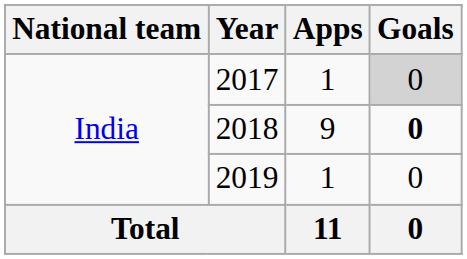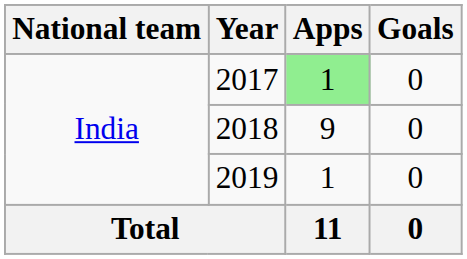 <table class="wikitable" style="text-align:center">
 <tr>
 <th>National team</th>
 <th>Year</th>
 <th>Apps</th>
 <th>Goals</th>
 </tr>
 <tr>
 <td rowspan="3"><a href='#'>India</a></td>
 <td>2017</td>
-<td>1</td>
-<td style="background: lightgrey;">0</td>
+<td style="background: lightgreen;">1</td>
+<td>0</td>
 </tr>
 <tr>
 <td>2018</td>
 <td>9</td>
-<td><strong>0</strong></td>
+<td>0</td>
 </tr>
 <tr>
 <td>2019</td>
 <td>1</td>
 <td>0</td>
 </tr>
 <tr>
 <th colspan="2">Total</th>
 <th>11</th>
 <th>0</th>
 </tr>
 </table>
